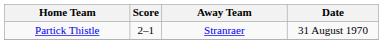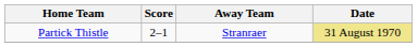 <table class="wikitable" style="text-align:center;">
 <tr>
 <th width=175>Home Team</th>
 <th width=20>Score</th>
 <th width=175>Away Team</th>
 <th width= 125>Date</th>
 </tr>
 <tr>
 <td><a href='#'>Partick Thistle</a></td>
 <td>2–1</td>
 <td><a href='#'>Stranraer</a></td>
-<td>31 August 1970</td>
+<td style="background: khaki;">31 August 1970</td>
 </tr>
 <tr>
 </tr>
 </table>
